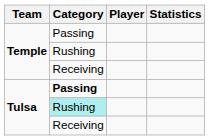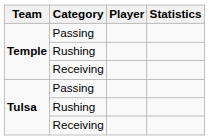 <table class="wikitable" style="float: left;">
 <tr>
 <th>Team</th>
 <th>Category</th>
 <th>Player</th>
 <th>Statistics</th>
 </tr>
 <tr>
 <td rowspan=3><strong>Temple</strong></td>
 <td>Passing</td>
 <td> </td>
 <td> </td>
 </tr>
 <tr>
 <td>Rushing</td>
 <td> </td>
 <td> </td>
 </tr>
 <tr>
 <td>Receiving</td>
 <td> </td>
 <td> </td>
 </tr>
 <tr>
 <td rowspan=3><strong>Tulsa</strong></td>
-<td><strong>Passing</strong></td>
+<td>Passing</td>
 <td> </td>
 <td> </td>
 </tr>
 <tr>
-<td style="background: paleturquoise;">Rushing</td>
+<td>Rushing</td>
 <td> </td>
 <td> </td>
 </tr>
 <tr>
 <td>Receiving</td>
 <td> </td>
 <td> </td>
 </tr>
 </table>
